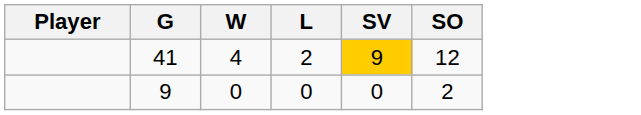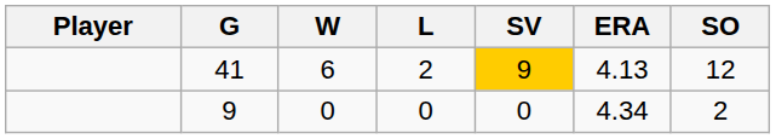 <table class="wikitable sortable">
 <tr>
 <th bgcolor="#DDDDFF" width="16%">Player</th>
 <th bgcolor="#DDDDFF" width="9%">G</th>
 <th bgcolor="#DDDDFF" width="9%">W</th>
 <th bgcolor="#DDDDFF" width="9%">L</th>
 <th bgcolor="#DDDDFF" width="9%">SV</th>
+<th bgcolor="#DDDDFF" width="9%">ERA</th>
 <th bgcolor="#DDDDFF" width="9%">SO</th>
 </tr>
 <tr align="center">
 <td></td>
 <td>41</td>
-<td>4</td>
+<td>6</td>
 <td>2</td>
 <td style="background:#fc0;">9</td>
+<td>4.13</td>
 <td>12</td>
 </tr>
 <tr align="center">
 <td></td>
 <td>9</td>
 <td>0</td>
 <td>0</td>
 <td>0</td>
+<td>4.34</td>
 <td>2</td>
 </tr>
 </table>
